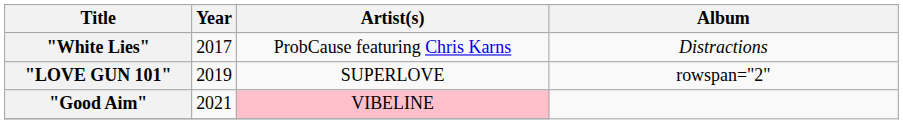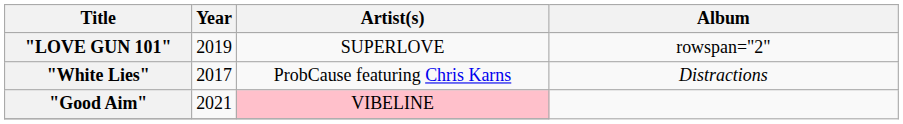 <table class="wikitable plainrowheaders" style="text-align:center;">
 <tr>
 <th scope="col" style="width:10em;">Title</th>
 <th scope="col" style="width:1em;">Year</th>
 <th scope="col" style="width:17em;">Artist(s)</th>
 <th scope="col" style="width:19em;">Album</th>
 </tr>
 <tr>
+<th scope="row">"LOVE GUN 101"</th>
+<td>2019</td>
+<td>SUPERLOVE</td>
+<td>rowspan="2" </td>
+</tr>
+<tr>
 <th scope="row">"White Lies"</th>
 <td>2017</td>
 <td>ProbCause featuring <a href='#'>Chris Karns</a></td>
 <td><em>Distractions</em></td>
-</tr>
-<tr>
-<th scope="row">"LOVE GUN 101"</th>
-<td>2019</td>
-<td>SUPERLOVE</td>
-<td>rowspan="2" </td>
 </tr>
 <tr>
 <th scope="row">"Good Aim"</th>
 <td>2021</td>
 <td style="background: pink;">VIBELINE</td>
 </tr>
 <tr>
 </tr>
 </table>
